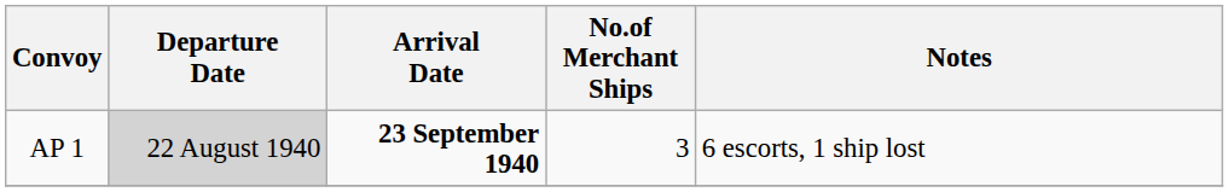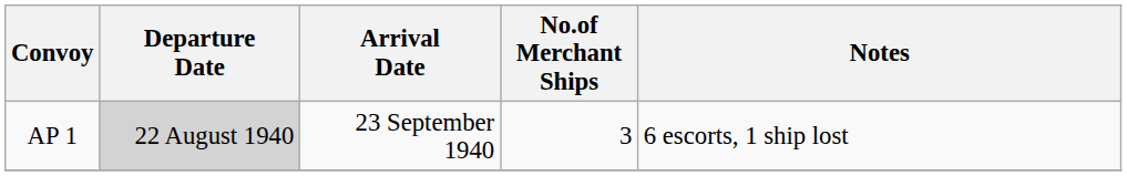 <table class="wikitable">
 <tr>
 <th scope="col" width="50px">Convoy</th>
 <th scope="col" width="120px">Departure<br>Date</th>
 <th scope="col" width="120px">Arrival<br>Date</th>
 <th scope="col" width="80px">No.of Merchant Ships</th>
 <th scope="col" width="300px">Notes</th>
 </tr>
 <tr>
 <td align="center">AP 1</td>
 <td align="right" style="background: lightgrey;">22 August 1940</td>
-<td align="right"><strong>23 September 1940</strong></td>
+<td align="right">23 September 1940</td>
 <td align="right">3</td>
 <td align="left">6 escorts, 1 ship lost</td>
 </tr>
 <tr>
 </tr>
 </table>
